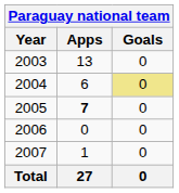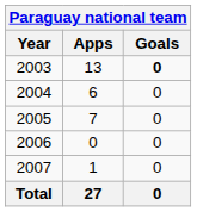 <table class="wikitable" style="text-align:center">
 <tr>
 <th colspan=3><a href='#'>Paraguay national team</a></th>
 </tr>
 <tr>
 <th>Year</th>
 <th>Apps</th>
 <th>Goals</th>
 </tr>
 <tr>
 <td>2003</td>
 <td>13</td>
-<td>0</td>
+<td><strong>0</strong></td>
 </tr>
 <tr>
 <td>2004</td>
 <td>6</td>
-<td style="background: khaki;">0</td>
+<td>0</td>
 </tr>
 <tr>
 <td>2005</td>
-<td><strong>7</strong></td>
+<td>7</td>
 <td>0</td>
 </tr>
 <tr>
 <td>2006</td>
 <td>0</td>
 <td>0</td>
 </tr>
 <tr>
 <td>2007</td>
 <td>1</td>
 <td>0</td>
 </tr>
 <tr>
 <th>Total</th>
 <th>27</th>
 <th>0</th>
 </tr>
 </table>
